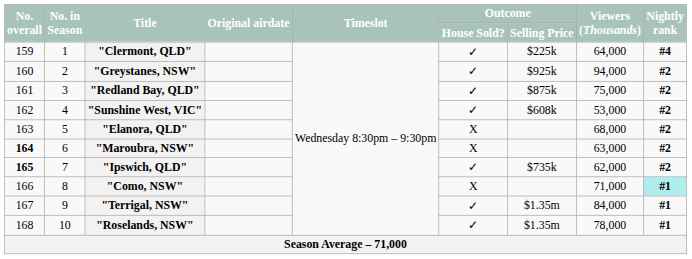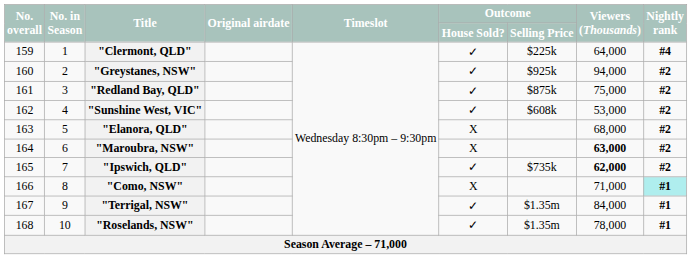 <table class="wikitable" style="text-align:center;">
 <tr>
 <th rowspan=2 scope="col" style="background:#A8C3BC; color:white;">No. <br>overall</th>
 <th rowspan=2 scope="col" style="background:#A8C3BC; color:white;">No. in<br> Season</th>
 <th rowspan=2 scope="col" style="background:#A8C3BC; color:white;">Title</th>
 <th rowspan=2 scope="col" style="background:#A8C3BC; color:white;">Original airdate</th>
 <th rowspan=2 scope="row" style="background:#A8C3BC; color:white;">Timeslot</th>
 <th colspan=2 scope="col" style="background:#A8C3BC; color:white;">Outcome</th>
 <th rowspan=2 scope="col" style="background:#A8C3BC; color:white;">Viewers<br>(<em>Thousands</em>)</th>
 <th rowspan=2 scope="col" style="background:#A8C3BC; color:white;">Nightly<br>rank</th>
 </tr>
 <tr>
 <th scope="col" style="background:#A8C3BC; color:white;">House Sold?</th>
 <th scope="col" style="background:#A8C3BC; color:white;">Selling Price</th>
 </tr>
 <tr>
 <td>159</td>
 <td>1</td>
 <th>"Clermont, QLD"</th>
 <td></td>
 <td rowspan="10">Wednesday 8:30pm – 9:30pm</td>
 <td>✓</td>
 <td>$225k</td>
 <td>64,000</td>
 <td><strong>#4</strong></td>
 </tr>
 <tr>
 <td>160</td>
 <td>2</td>
 <th>"Greystanes, NSW"</th>
 <td></td>
 <td>✓</td>
 <td>$925k</td>
 <td>94,000</td>
 <td><strong>#2</strong></td>
 </tr>
 <tr>
 <td>161</td>
 <td>3</td>
 <th>"Redland Bay, QLD"</th>
 <td></td>
 <td>✓</td>
 <td>$875k</td>
 <td>75,000</td>
 <td><strong>#2</strong></td>
 </tr>
 <tr>
 <td>162</td>
 <td>4</td>
 <th>"Sunshine West, VIC"</th>
 <td></td>
 <td>✓</td>
 <td>$608k</td>
 <td>53,000</td>
 <td><strong>#2</strong></td>
 </tr>
 <tr>
 <td>163</td>
 <td>5</td>
 <th>"Elanora, QLD"</th>
 <td></td>
 <td>X</td>
 <td></td>
 <td>68,000</td>
 <td><strong>#2</strong></td>
 </tr>
 <tr>
-<td><strong>164</strong></td>
+<td>164</td>
 <td>6</td>
 <th>"Maroubra, NSW"</th>
 <td></td>
 <td>X</td>
 <td></td>
-<td>63,000</td>
+<td><strong>63,000</strong></td>
 <td><strong>#2</strong></td>
 </tr>
 <tr>
-<td><strong>165</strong></td>
+<td>165</td>
 <td>7</td>
 <th>"Ipswich, QLD"</th>
 <td></td>
 <td>✓</td>
 <td>$735k</td>
-<td>62,000</td>
+<td><strong>62,000</strong></td>
 <td><strong>#2</strong></td>
 </tr>
 <tr>
 <td>166</td>
 <td>8</td>
 <th>"Como, NSW"</th>
 <td></td>
 <td>X</td>
 <td></td>
 <td>71,000</td>
 <td style="background: paleturquoise;"><strong>#1</strong></td>
 </tr>
 <tr>
 <td>167</td>
 <td>9</td>
 <th>"Terrigal, NSW"</th>
 <td></td>
 <td>✓</td>
 <td>$1.35m</td>
 <td>84,000</td>
 <td><strong>#1</strong></td>
 </tr>
 <tr>
 <td>168</td>
 <td>10</td>
 <th>"Roselands, NSW"</th>
 <td></td>
 <td>✓</td>
 <td>$1.35m</td>
 <td>78,000</td>
 <td><strong>#1</strong></td>
 </tr>
 <tr>
 <th colspan="9">Season Average – 71,000</th>
 </tr>
 </table>
